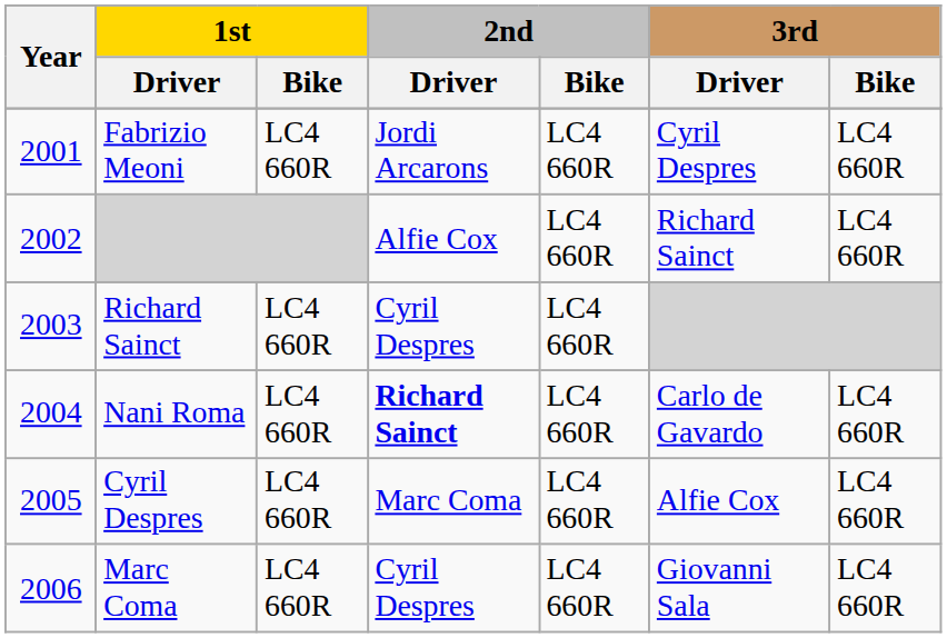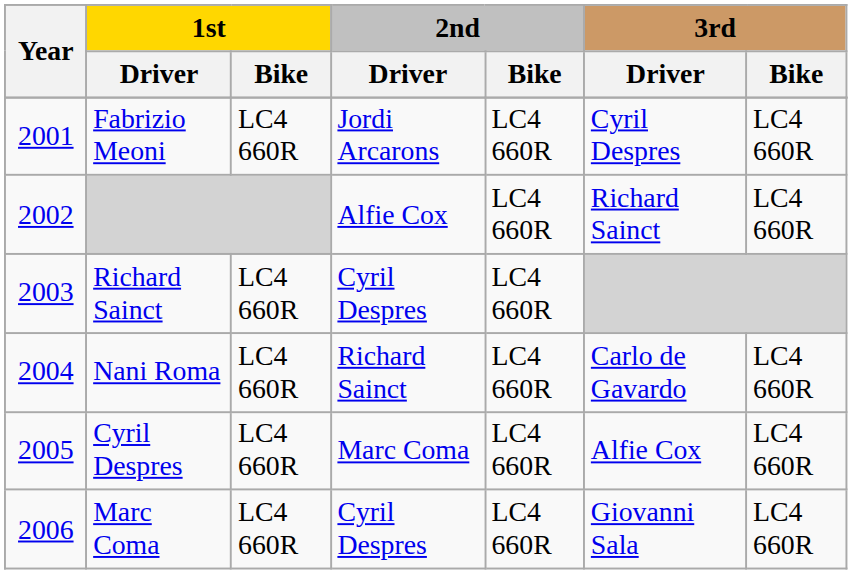 <table class="wikitable" width=70% style="font-size:90%; text-align:left;"|->
 <tr>
 <th rowspan=2 width=2%>Year</th>
 <th colspan=2 style="width:20%; background:gold">1st</th>
 <th colspan=2 style="width:20%; background:silver">2nd</th>
 <th colspan=2 style="width:20%; background:#cc9966">3rd</th>
 </tr>
 <tr>
 <th width=6%>Driver</th>
 <th width=4%>Bike</th>
 <th width=6%>Driver</th>
 <th width=4%>Bike</th>
 <th width=7%>Driver</th>
 <th width=4%>Bike</th>
 </tr>
 <tr>
 </tr>
 <tr>
 <td align=center><a href='#'>2001</a></td>
 <td> <a href='#'>Fabrizio Meoni</a></td>
 <td>LC4 660R</td>
 <td> <a href='#'>Jordi Arcarons</a></td>
 <td>LC4 660R</td>
 <td> <a href='#'>Cyril Despres</a></td>
 <td>LC4 660R</td>
 </tr>
 <tr>
 <td align=center><a href='#'>2002</a></td>
 <td bgcolor=lightgrey colspan=2></td>
 <td> <a href='#'>Alfie Cox</a></td>
 <td>LC4 660R</td>
 <td> <a href='#'>Richard Sainct</a></td>
 <td>LC4 660R</td>
 </tr>
 <tr>
 <td align=center><a href='#'>2003</a></td>
 <td> <a href='#'>Richard Sainct</a></td>
 <td>LC4 660R</td>
 <td> <a href='#'>Cyril Despres</a></td>
 <td>LC4 660R</td>
 <td bgcolor=lightgrey colspan=2></td>
 </tr>
 <tr>
 <td align=center><a href='#'>2004</a></td>
 <td> <a href='#'>Nani Roma</a></td>
 <td>LC4 660R</td>
-<td><strong> <a href='#'>Richard Sainct</a></strong></td>
+<td> <a href='#'>Richard Sainct</a></td>
 <td>LC4 660R</td>
 <td> <a href='#'>Carlo de Gavardo</a></td>
 <td>LC4 660R</td>
 </tr>
 <tr>
 <td align=center><a href='#'>2005</a></td>
 <td> <a href='#'>Cyril Despres</a></td>
 <td>LC4 660R</td>
 <td> <a href='#'>Marc Coma</a></td>
 <td>LC4 660R</td>
 <td> <a href='#'>Alfie Cox</a></td>
 <td>LC4 660R</td>
 </tr>
 <tr>
 <td align=center><a href='#'>2006</a></td>
 <td> <a href='#'>Marc Coma</a></td>
 <td>LC4 660R</td>
 <td> <a href='#'>Cyril Despres</a></td>
 <td>LC4 660R</td>
 <td> <a href='#'>Giovanni Sala</a></td>
 <td>LC4 660R</td>
 </tr>
 </table>
